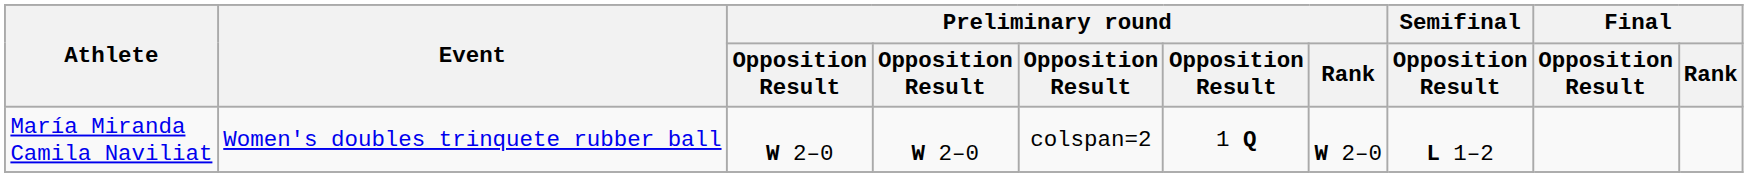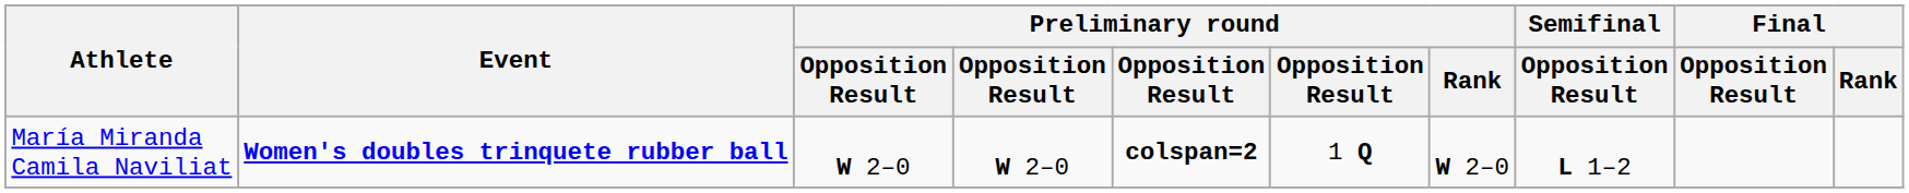 <table class="wikitable" style="font-size:90%">
 <tr>
 <th rowspan="2">Athlete</th>
 <th rowspan="2">Event</th>
 <th colspan="5">Preliminary round</th>
 <th>Semifinal</th>
 <th colspan=2>Final</th>
 </tr>
 <tr>
 <th>Opposition<br>Result</th>
 <th>Opposition<br>Result</th>
 <th>Opposition<br>Result</th>
 <th>Opposition<br>Result</th>
 <th>Rank</th>
 <th>Opposition<br>Result</th>
 <th>Opposition<br>Result</th>
 <th>Rank</th>
 </tr>
 <tr style="text-align:center">
 <td align="left"><a href='#'>María Miranda</a> <br> <a href='#'>Camila Naviliat</a></td>
-<td><a href='#'>Women's doubles trinquete rubber ball</a></td>
+<td><strong><a href='#'>Women's doubles trinquete rubber ball</a></strong></td>
 <td><br><strong>W</strong> 2–0</td>
 <td><br><strong>W</strong> 2–0</td>
-<td>colspan=2 </td>
+<td><strong>colspan=2 </strong></td>
 <td>1 <strong>Q</strong></td>
 <td><br><strong>W</strong> 2–0</td>
 <td><br><strong>L</strong> 1–2</td>
 <td></td>
 </tr>
 </table>
